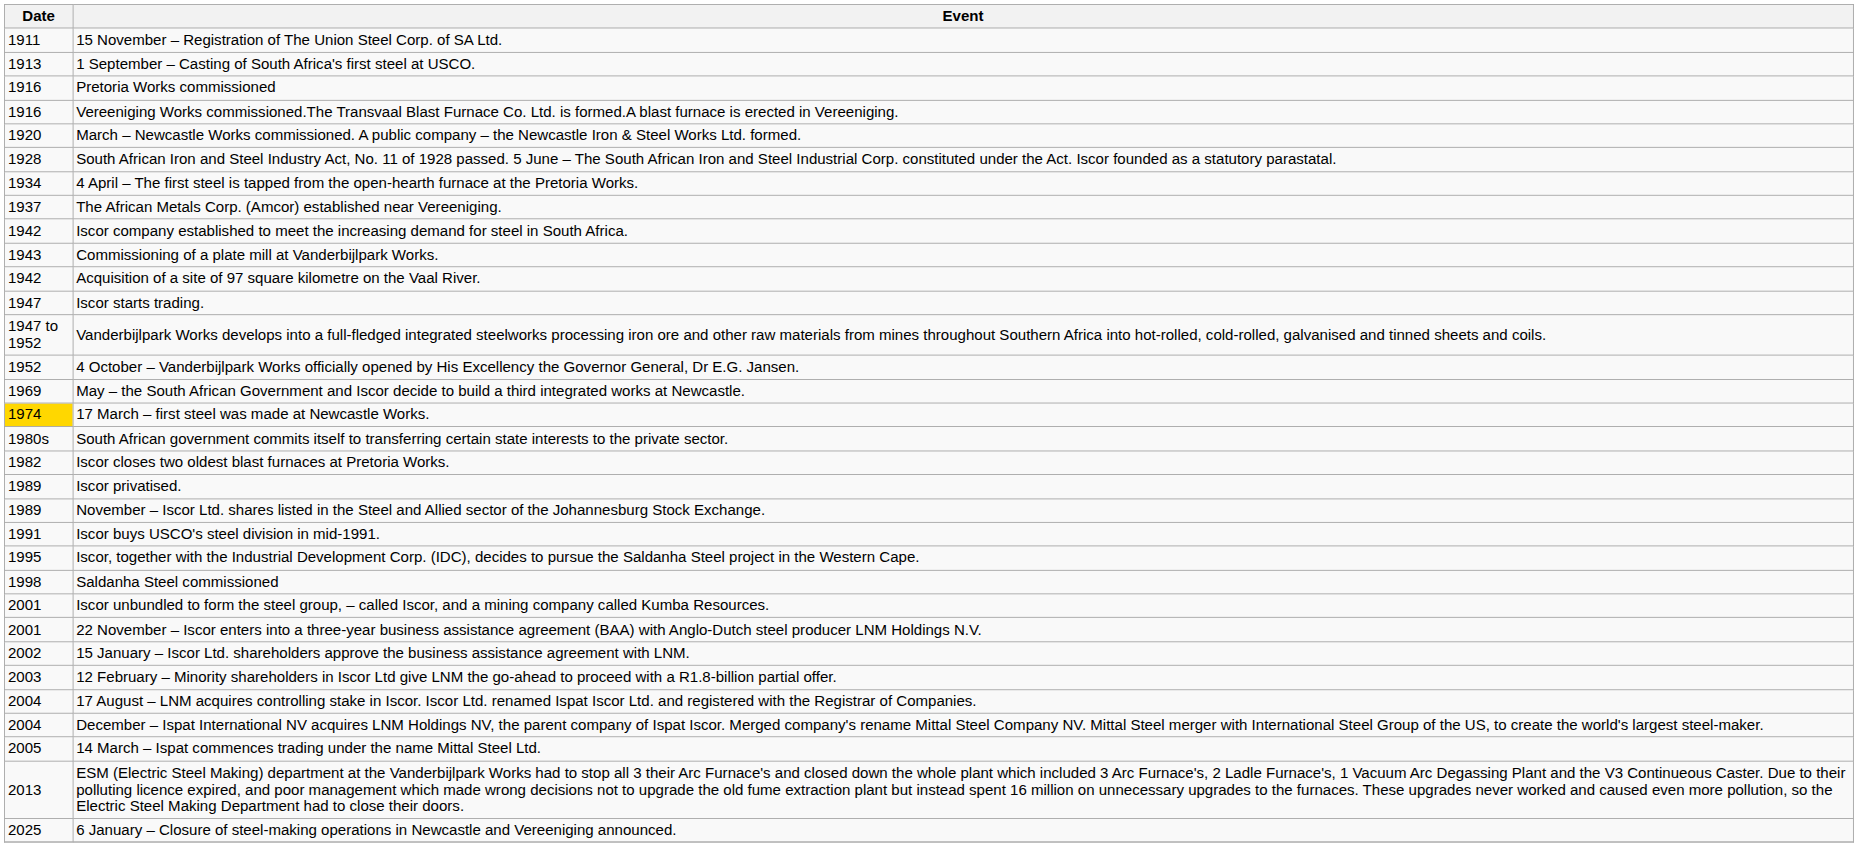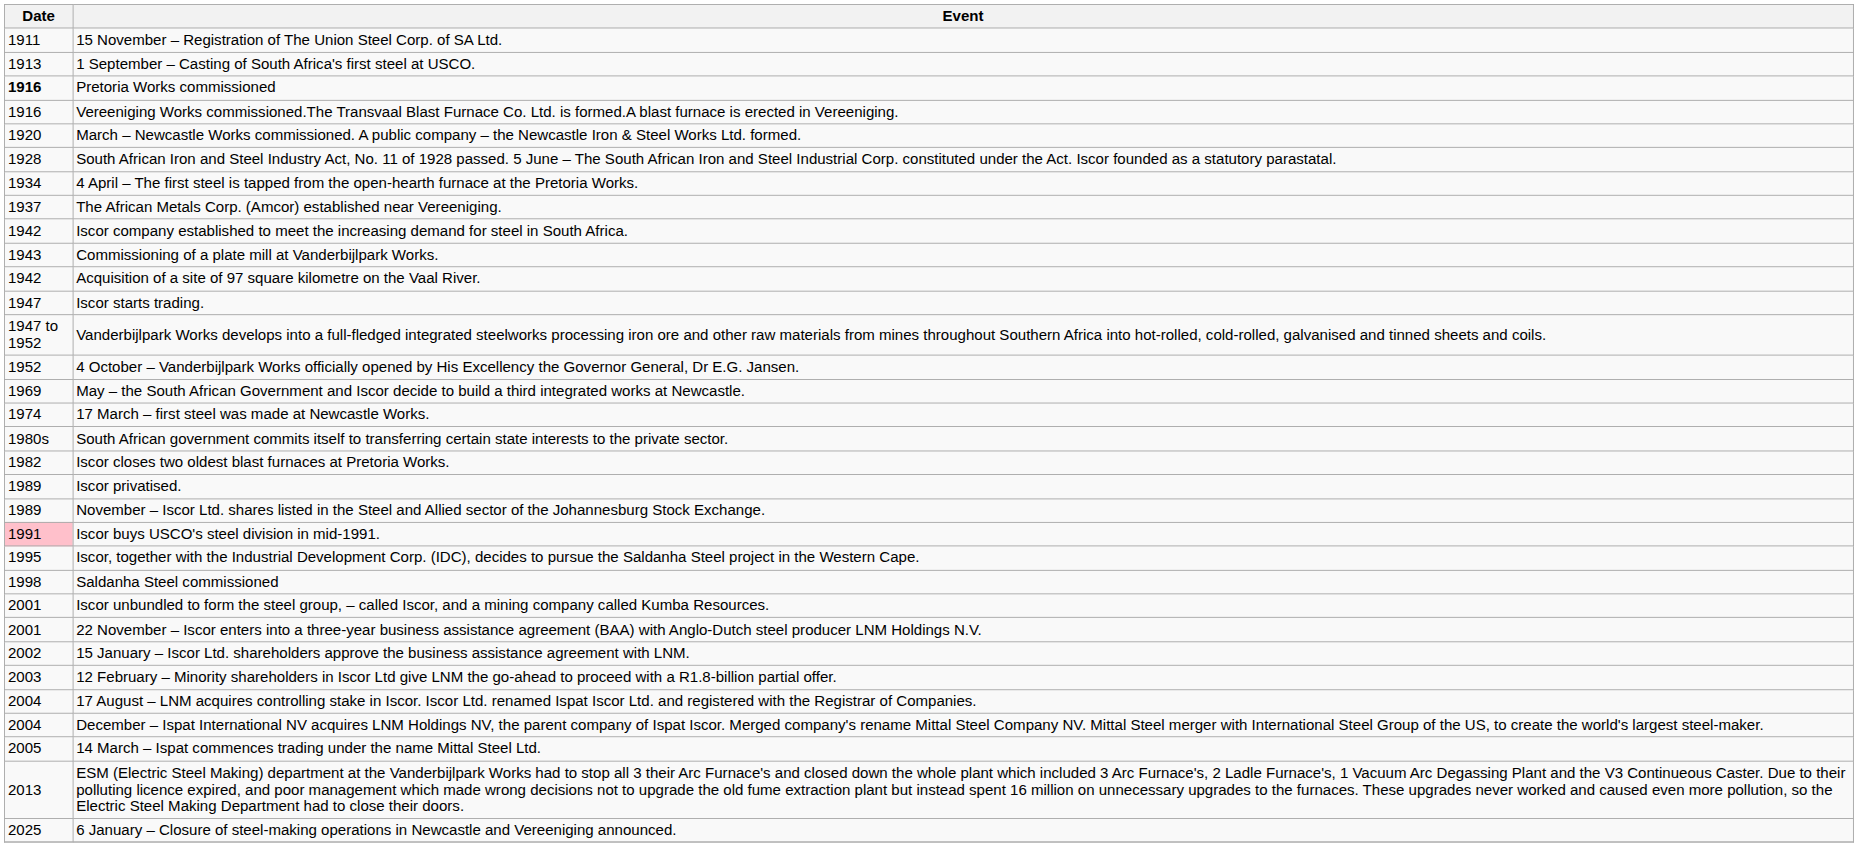 <table class="wikitable">
 <tr>
 <th>Date</th>
 <th>Event</th>
 </tr>
 <tr>
 <td>1911</td>
 <td>15 November – Registration of The Union Steel Corp. of SA Ltd.</td>
 </tr>
 <tr>
 <td>1913</td>
 <td>1 September – Casting of South Africa's first steel at USCO.</td>
 </tr>
 <tr>
-<td>1916</td>
+<td><strong>1916</strong></td>
 <td>Pretoria Works commissioned</td>
 </tr>
 <tr>
 <td>1916</td>
 <td>Vereeniging Works commissioned.The Transvaal Blast Furnace Co. Ltd. is formed.A blast furnace is erected in Vereeniging.</td>
 </tr>
 <tr>
 <td>1920</td>
 <td>March – Newcastle Works commissioned. A public company – the Newcastle Iron & Steel Works Ltd. formed.</td>
 </tr>
 <tr>
 <td>1928</td>
 <td>South African Iron and Steel Industry Act, No. 11 of 1928 passed. 5 June – The South African Iron and Steel Industrial Corp. constituted under the Act. Iscor founded as a statutory parastatal.</td>
 </tr>
 <tr>
 <td>1934</td>
 <td>4 April – The first steel is tapped from the open-hearth furnace at the Pretoria Works.</td>
 </tr>
 <tr>
 <td>1937</td>
 <td>The African Metals Corp. (Amcor) established near Vereeniging.</td>
 </tr>
 <tr>
 <td>1942</td>
 <td>Iscor company established to meet the increasing demand for steel in South Africa.</td>
 </tr>
 <tr>
 <td>1943</td>
 <td>Commissioning of a plate mill at Vanderbijlpark Works.</td>
 </tr>
 <tr>
 <td>1942</td>
 <td>Acquisition of a site of 97 square kilometre on the Vaal River.</td>
 </tr>
 <tr>
 <td>1947</td>
 <td>Iscor starts trading.</td>
 </tr>
 <tr>
 <td>1947 to 1952</td>
 <td>Vanderbijlpark Works develops into a full-fledged integrated steelworks processing iron ore and other raw materials from mines throughout Southern Africa into hot-rolled, cold-rolled, galvanised and tinned sheets and coils.</td>
 </tr>
 <tr>
 <td>1952</td>
 <td>4 October – Vanderbijlpark Works officially opened by His Excellency the Governor General, Dr E.G. Jansen.</td>
 </tr>
 <tr>
 <td>1969</td>
 <td>May – the South African Government and Iscor decide to build a third integrated works at Newcastle.</td>
 </tr>
 <tr>
-<td style="background: gold;">1974</td>
+<td>1974</td>
 <td>17 March – first steel was made at Newcastle Works.</td>
 </tr>
 <tr>
 <td>1980s</td>
 <td>South African government commits itself to transferring certain state interests to the private sector.</td>
 </tr>
 <tr>
 <td>1982</td>
 <td>Iscor closes two oldest blast furnaces at Pretoria Works.</td>
 </tr>
 <tr>
 <td>1989</td>
 <td>Iscor privatised.</td>
 </tr>
 <tr>
 <td>1989</td>
 <td>November – Iscor Ltd. shares listed in the Steel and Allied sector of the Johannesburg Stock Exchange.</td>
 </tr>
 <tr>
-<td>1991</td>
+<td style="background: pink;">1991</td>
 <td>Iscor buys USCO's steel division in mid-1991.</td>
 </tr>
 <tr>
 <td>1995</td>
 <td>Iscor, together with the Industrial Development Corp. (IDC), decides to pursue the Saldanha Steel project in the Western Cape.</td>
 </tr>
 <tr>
 <td>1998</td>
 <td>Saldanha Steel commissioned</td>
 </tr>
 <tr>
 <td>2001</td>
 <td>Iscor unbundled to form the steel group, – called Iscor, and a mining company called Kumba Resources.</td>
 </tr>
 <tr>
 <td>2001</td>
 <td>22 November – Iscor enters into a three-year business assistance agreement (BAA) with Anglo-Dutch steel producer LNM Holdings N.V.</td>
 </tr>
 <tr>
 <td>2002</td>
 <td>15 January – Iscor Ltd. shareholders approve the business assistance agreement with LNM.</td>
 </tr>
 <tr>
 <td>2003</td>
 <td>12 February – Minority shareholders in Iscor Ltd give LNM the go-ahead to proceed with a R1.8-billion partial offer.</td>
 </tr>
 <tr>
 <td>2004</td>
 <td>17 August – LNM acquires controlling stake in Iscor. Iscor Ltd. renamed Ispat Iscor Ltd. and registered with the Registrar of Companies.</td>
 </tr>
 <tr>
 <td>2004</td>
 <td>December – Ispat International NV acquires LNM Holdings NV, the parent company of Ispat Iscor. Merged company's rename Mittal Steel Company NV. Mittal Steel merger with International Steel Group of the US, to create the world's largest steel-maker.</td>
 </tr>
 <tr>
 <td>2005</td>
 <td>14 March – Ispat commences trading under the name Mittal Steel Ltd.</td>
 </tr>
 <tr>
 <td>2013</td>
 <td>ESM (Electric Steel Making) department at the Vanderbijlpark Works had to stop all 3 their Arc Furnace's and closed down the whole plant which included 3 Arc Furnace's, 2 Ladle Furnace's, 1 Vacuum Arc Degassing Plant and the V3 Continueous Caster. Due to their polluting licence expired, and poor management which made wrong decisions not to upgrade the old fume extraction plant but instead spent 16 million on unnecessary upgrades to the furnaces. These upgrades never worked and caused even more pollution, so the Electric Steel Making Department had to close their doors.</td>
 </tr>
 <tr>
 <td>2025</td>
 <td>6 January – Closure of steel-making operations in Newcastle and Vereeniging announced.</td>
 </tr>
 <tr>
 </tr>
 </table>
